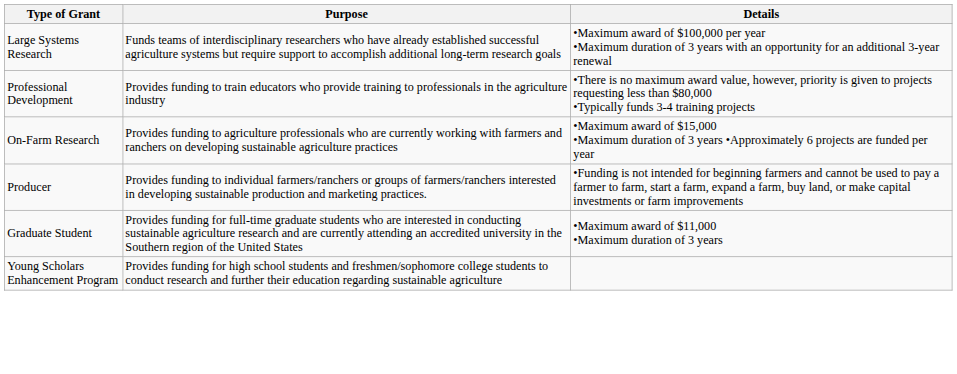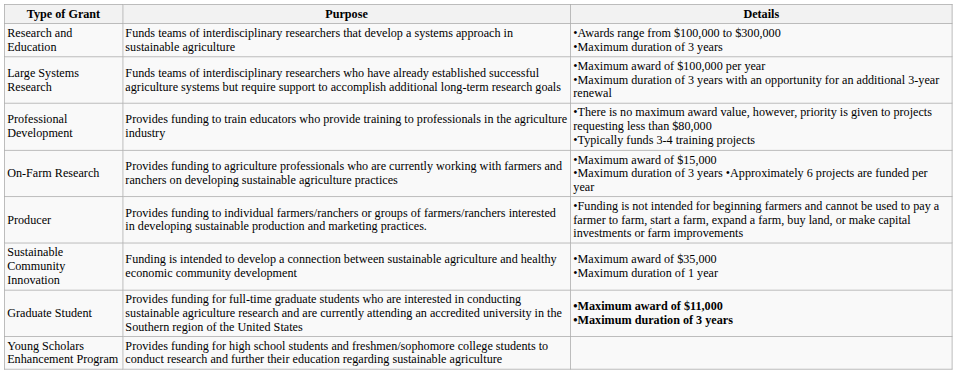 <table class="wikitable">
 <tr>
 <th>Type of Grant</th>
 <th>Purpose</th>
 <th>Details</th>
+</tr>
+<tr>
+<td>Research and Education</td>
+<td>Funds teams of interdisciplinary researchers that develop a systems approach in sustainable agriculture</td>
+<td>•Awards range from $100,000 to $300,000<br>•Maximum duration of 3 years</td>
 </tr>
 <tr>
 <td>Large Systems Research</td>
 <td>Funds teams of interdisciplinary researchers who have already established successful agriculture systems but require support to accomplish additional long-term research goals</td>
 <td>•Maximum award of $100,000 per year<br>•Maximum duration of 3 years with an opportunity for an additional 3-year renewal</td>
 </tr>
 <tr>
 <td>Professional Development</td>
 <td>Provides funding to train educators who provide training to professionals in the agriculture industry</td>
 <td>•There is no maximum award value, however, priority is given to projects requesting less than $80,000<br>•Typically funds 3-4 training projects</td>
 </tr>
 <tr>
 <td>On-Farm Research</td>
 <td>Provides funding to agriculture professionals who are currently working with farmers and ranchers on developing sustainable agriculture practices</td>
 <td>•Maximum award of $15,000<br>•Maximum duration of 3 years •Approximately 6 projects are funded per year</td>
 </tr>
 <tr>
 <td>Producer</td>
 <td>Provides funding to individual farmers/ranchers or groups of farmers/ranchers interested in developing sustainable production and marketing practices.</td>
 <td>•Funding is not intended for beginning farmers and cannot be used to pay a farmer to farm, start a farm, expand a farm, buy land, or make capital investments or farm improvements</td>
 </tr>
 <tr>
+<td>Sustainable Community Innovation</td>
+<td>Funding is intended to develop a connection between sustainable agriculture and healthy economic community development</td>
+<td>•Maximum award of $35,000<br>•Maximum duration of 1 year</td>
+</tr>
+<tr>
 <td>Graduate Student</td>
 <td>Provides funding for full-time graduate students who are interested in conducting sustainable agriculture research and are currently attending an accredited university in the Southern region of the United States</td>
-<td>•Maximum award of $11,000<br>•Maximum duration of 3 years</td>
+<td><strong>•Maximum award of $11,000<br>•Maximum duration of 3 years</strong></td>
 </tr>
 <tr>
 <td>Young Scholars Enhancement Program</td>
 <td>Provides funding for high school students and freshmen/sophomore college students to conduct research and further their education regarding sustainable agriculture</td>
 <td></td>
 </tr>
 </table>
